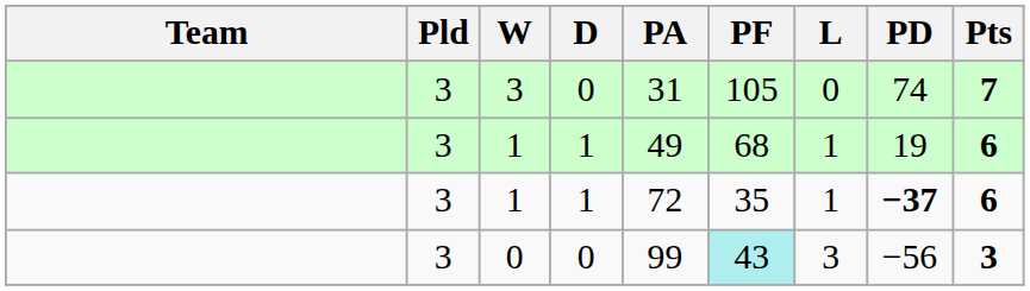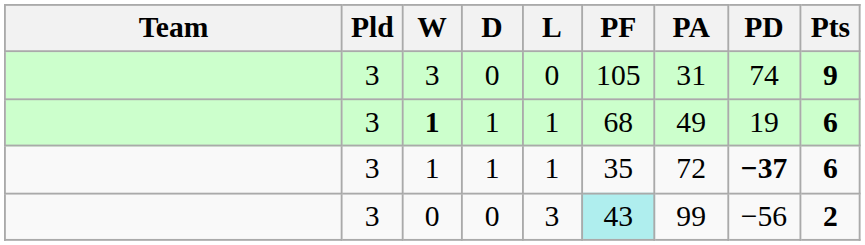 <table class="wikitable" style="text-align:center;">
 <tr>
 <th width=175>Team</th>
 <th width=25 abbr="Played">Pld</th>
 <th width=25 abbr="Won">W</th>
 <th width=25 abbr="Drawn">D</th>
+<th width=25 abbr="Lost">L</th>
+<th width=32 abbr="Points for">PF</th>
 <th width=32 abbr="Points against">PA</th>
-<th width=32 abbr="Points for">PF</th>
-<th width=25 abbr="Lost">L</th>
 <th width=32 abbr="Points difference">PD</th>
 <th width=25 abbr="Points">Pts</th>
 </tr>
 <tr style="background:#cfc;">
 <td align=left></td>
 <td>3</td>
 <td>3</td>
 <td>0</td>
+<td>0</td>
+<td>105</td>
 <td>31</td>
-<td>105</td>
-<td>0</td>
 <td>74</td>
-<td><strong>7</strong></td>
+<td><strong>9</strong></td>
 </tr>
 <tr style="background:#cfc;">
 <td align=left></td>
 <td>3</td>
+<td><strong>1</strong></td>
 <td>1</td>
 <td>1</td>
+<td>68</td>
 <td>49</td>
-<td>68</td>
-<td>1</td>
 <td>19</td>
 <td><strong>6</strong></td>
 </tr>
 <tr>
 <td align=left></td>
 <td>3</td>
 <td>1</td>
 <td>1</td>
+<td>1</td>
+<td>35</td>
 <td>72</td>
-<td>35</td>
-<td>1</td>
 <td><strong>−37</strong></td>
 <td><strong>6</strong></td>
 </tr>
 <tr>
 <td align=left></td>
 <td>3</td>
 <td>0</td>
 <td>0</td>
+<td>3</td>
+<td style="background: paleturquoise;">43</td>
 <td>99</td>
-<td style="background: paleturquoise;">43</td>
-<td>3</td>
 <td>−56</td>
-<td><strong>3</strong></td>
+<td><strong>2</strong></td>
 </tr>
 </table>
